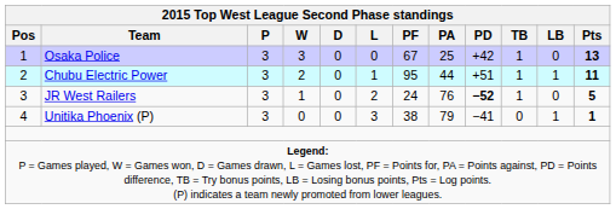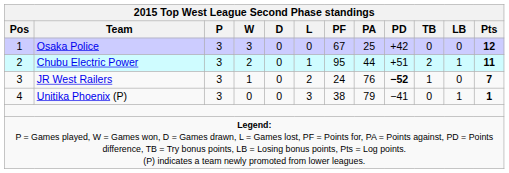 <table class="wikitable" style="text-align:center; font-size:100%; width:60%;">
 <tr>
 <th colspan="100%" cellpadding="0" cellspacing="0"><strong>2015 Top West League Second Phase standings</strong></th>
 </tr>
 <tr>
 <th style="width:6%;">Pos</th>
 <th style="width:34%;">Team</th>
 <th style="width:6%;">P</th>
 <th style="width:6%;">W</th>
 <th style="width:6%;">D</th>
 <th style="width:6%;">L</th>
 <th style="width:6%;">PF</th>
 <th style="width:6%;">PA</th>
 <th style="width:6%;">PD</th>
 <th style="width:6%;">TB</th>
 <th style="width:6%;">LB</th>
 <th style="width:6%;">Pts<br></th>
 </tr>
 <tr style="background:#CCCCFF;">
 <td>1</td>
 <td style="text-align:left;"><a href='#'>Osaka Police</a></td>
 <td>3</td>
 <td>3</td>
 <td>0</td>
 <td>0</td>
 <td>67</td>
 <td>25</td>
 <td>+42</td>
-<td>1</td>
 <td>0</td>
-<td><strong>13</strong></td>
+<td>0</td>
+<td><strong>12</strong></td>
 </tr>
 <tr style="background:#CFFCFF;">
 <td>2</td>
 <td style="text-align:left;"><a href='#'>Chubu Electric Power</a></td>
 <td>3</td>
 <td>2</td>
 <td>0</td>
 <td>1</td>
 <td>95</td>
 <td>44</td>
 <td>+51</td>
-<td>1</td>
+<td>2</td>
 <td>1</td>
 <td><strong>11</strong></td>
 </tr>
 <tr>
 <td>3</td>
 <td style="text-align:left;"><a href='#'>JR West Railers</a></td>
 <td>3</td>
 <td>1</td>
 <td>0</td>
 <td>2</td>
 <td>24</td>
 <td>76</td>
 <td><strong>−52</strong></td>
 <td>1</td>
 <td>0</td>
-<td><strong>5</strong></td>
+<td><strong>7</strong></td>
 </tr>
 <tr>
 <td>4</td>
 <td style="text-align:left;"><a href='#'>Unitika Phoenix</a> (P)</td>
 <td>3</td>
 <td>0</td>
 <td>0</td>
 <td>3</td>
 <td>38</td>
 <td>79</td>
 <td>−41</td>
 <td>0</td>
 <td>1</td>
 <td><strong>1</strong></td>
 </tr>
 <tr>
 <td colspan="100%" style="height:10px;"></td>
 </tr>
 <tr>
 <td colspan="100%"><small><strong>Legend:</strong> <br> P = Games played, W = Games won, D = Games drawn, L = Games lost, PF = Points for, PA = Points against, PD = Points difference, TB = Try bonus points, LB = Losing bonus points, Pts = Log points. <br> (P) indicates a team newly promoted from lower leagues.</small></td>
 </tr>
 </table>
